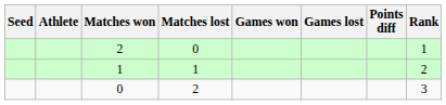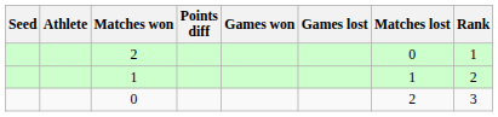 <table class="wikitable">
 <tr>
 <th>Seed</th>
 <th>Athlete</th>
 <th>Matches won</th>
-<th>Matches lost</th>
+<th>Points<br>diff</th>
 <th>Games won</th>
 <th>Games lost</th>
-<th>Points<br>diff</th>
+<th>Matches lost</th>
 <th>Rank</th>
 </tr>
 <tr bgcolor="#ccffcc">
 <td align="center"></td>
 <td></td>
 <td align="center">2</td>
-<td align="center">0</td>
 <td align="center"></td>
 <td align="center"></td>
 <td align="center"></td>
+<td align="center">0</td>
 <td align="center">1</td>
 </tr>
 <tr bgcolor="#ccffcc">
 <td align="center"></td>
 <td></td>
 <td align="center">1</td>
-<td align="center">1</td>
 <td align="center"></td>
 <td align="center"></td>
 <td align="center"></td>
+<td align="center">1</td>
 <td align="center">2</td>
 </tr>
 <tr>
 <td align="center"></td>
 <td></td>
 <td align="center">0</td>
-<td align="center">2</td>
 <td align="center"></td>
 <td align="center"></td>
 <td align="center"></td>
+<td align="center">2</td>
 <td align="center">3</td>
 </tr>
 </table>
